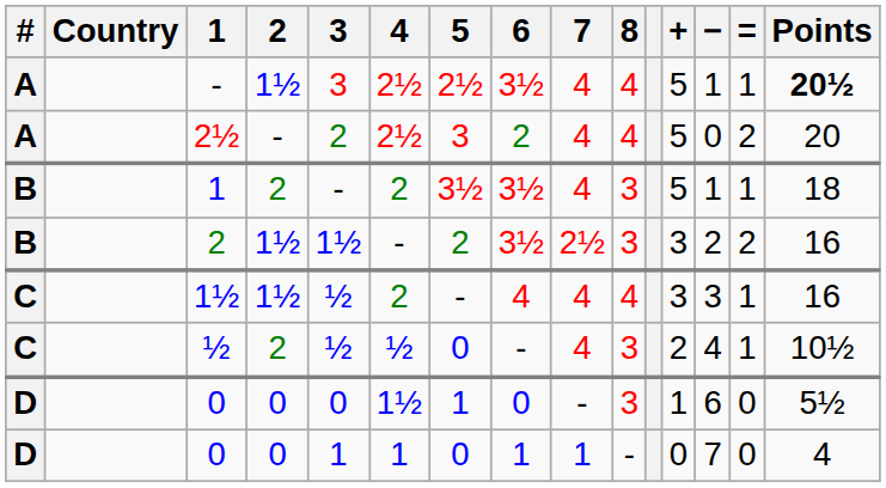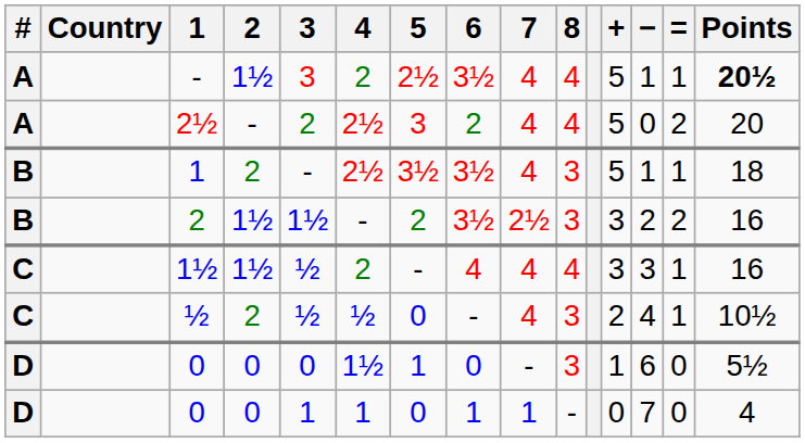 <table class="wikitable" style="text-align:center">
 <tr>
 <th>#</th>
 <th>Country</th>
 <th>1</th>
 <th>2</th>
 <th>3</th>
 <th>4</th>
 <th>5</th>
 <th>6</th>
 <th>7</th>
 <th>8</th>
 <th></th>
 <th>+</th>
 <th>−</th>
 <th>=</th>
 <th>Points</th>
 </tr>
 <tr>
 <th>A</th>
 <td style="text-align: left"></td>
 <td>-</td>
 <td style="color:blue;">1½</td>
 <td style="color:red;">3</td>
-<td style="color:red;">2½</td>
+<td style="color:green;">2</td>
 <td style="color:red;">2½</td>
 <td style="color:red;">3½</td>
 <td style="color:red;">4</td>
 <td style="color:red;">4</td>
 <th></th>
 <td>5</td>
 <td>1</td>
 <td>1</td>
 <td><strong>20½</strong></td>
 </tr>
 <tr>
 <th>A</th>
 <td style="text-align: left"></td>
 <td style="color:red;">2½</td>
 <td>-</td>
 <td style="color:green;">2</td>
 <td style="color:red;">2½</td>
 <td style="color:red;">3</td>
 <td style="color:green;">2</td>
 <td style="color:red;">4</td>
 <td style="color:red;">4</td>
 <th></th>
 <td>5</td>
 <td>0</td>
 <td>2</td>
 <td>20</td>
 </tr>
 <tr style="border-top:2px solid grey;">
 <th>B</th>
 <td style="text-align: left"></td>
 <td style="color:blue;">1</td>
 <td style="color:green;">2</td>
 <td>-</td>
-<td style="color:green;">2</td>
+<td style="color:red;">2½</td>
 <td style="color:red;">3½</td>
 <td style="color:red;">3½</td>
 <td style="color:red;">4</td>
 <td style="color:red;">3</td>
 <th></th>
 <td>5</td>
 <td>1</td>
 <td>1</td>
 <td>18</td>
 </tr>
 <tr>
 <th>B</th>
 <td style="text-align: left"></td>
 <td style="color:green;">2</td>
 <td style="color:blue;">1½</td>
 <td style="color:blue;">1½</td>
 <td>-</td>
 <td style="color:green;">2</td>
 <td style="color:red;">3½</td>
 <td style="color:red;">2½</td>
 <td style="color:red;">3</td>
 <th></th>
 <td>3</td>
 <td>2</td>
 <td>2</td>
 <td>16</td>
 </tr>
 <tr style="border-top:2px solid grey;">
 <th>C</th>
 <td style="text-align: left"></td>
 <td style="color:blue;">1½</td>
 <td style="color:blue;">1½</td>
 <td style="color:blue;">½</td>
 <td style="color:green;">2</td>
 <td>-</td>
 <td style="color:red;">4</td>
 <td style="color:red;">4</td>
 <td style="color:red;">4</td>
 <th></th>
 <td>3</td>
 <td>3</td>
 <td>1</td>
 <td>16</td>
 </tr>
 <tr>
 <th>C</th>
 <td style="text-align: left"></td>
 <td style="color:blue;">½</td>
 <td style="color:green;">2</td>
 <td style="color:blue;">½</td>
 <td style="color:blue;">½</td>
 <td style="color:blue;">0</td>
 <td>-</td>
 <td style="color:red;">4</td>
 <td style="color:red;">3</td>
 <th></th>
 <td>2</td>
 <td>4</td>
 <td>1</td>
 <td>10½</td>
 </tr>
 <tr style="border-top:2px solid grey;">
 <th>D</th>
 <td style="text-align: left"></td>
 <td style="color:blue;">0</td>
 <td style="color:blue;">0</td>
 <td style="color:blue;">0</td>
 <td style="color:blue;">1½</td>
 <td style="color:blue;">1</td>
 <td style="color:blue;">0</td>
 <td>-</td>
 <td style="color:red;">3</td>
 <th></th>
 <td>1</td>
 <td>6</td>
 <td>0</td>
 <td>5½</td>
 </tr>
 <tr>
 <th>D</th>
 <td style="text-align: left"></td>
 <td style="color:blue;">0</td>
 <td style="color:blue;">0</td>
 <td style="color:blue;">1</td>
 <td style="color:blue;">1</td>
 <td style="color:blue;">0</td>
 <td style="color:blue;">1</td>
 <td style="color:blue;">1</td>
 <td>-</td>
 <th></th>
 <td>0</td>
 <td>7</td>
 <td>0</td>
 <td>4</td>
 </tr>
 </table>
